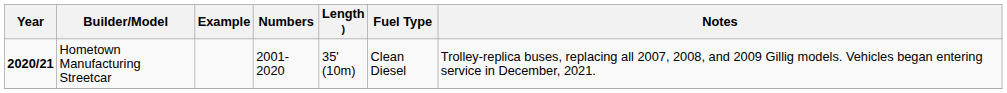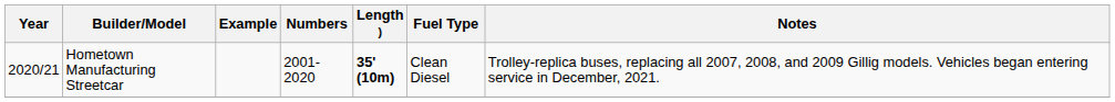 <table class="wikitable">
 <tr>
 <th><strong>Year</strong></th>
 <th><strong>Builder/Model</strong></th>
 <th><strong>Example</strong></th>
 <th><strong>Numbers</strong></th>
 <th><strong>Length<br><small>)</small></strong></th>
 <th>Fuel Type</th>
 <th>Notes</th>
 </tr>
 <tr>
-<td><strong>2020/21</strong></td>
+<td>2020/21</td>
 <td>Hometown Manufacturing<br>Streetcar</td>
 <td></td>
 <td>2001-2020</td>
-<td>35'<br>(10m)</td>
+<td><strong>35'<br>(10m)</strong></td>
 <td>Clean Diesel</td>
 <td>Trolley-replica buses, replacing all 2007, 2008, and 2009 Gillig models. Vehicles began entering service in December, 2021.</td>
 </tr>
 <tr>
 </tr>
 </table>
